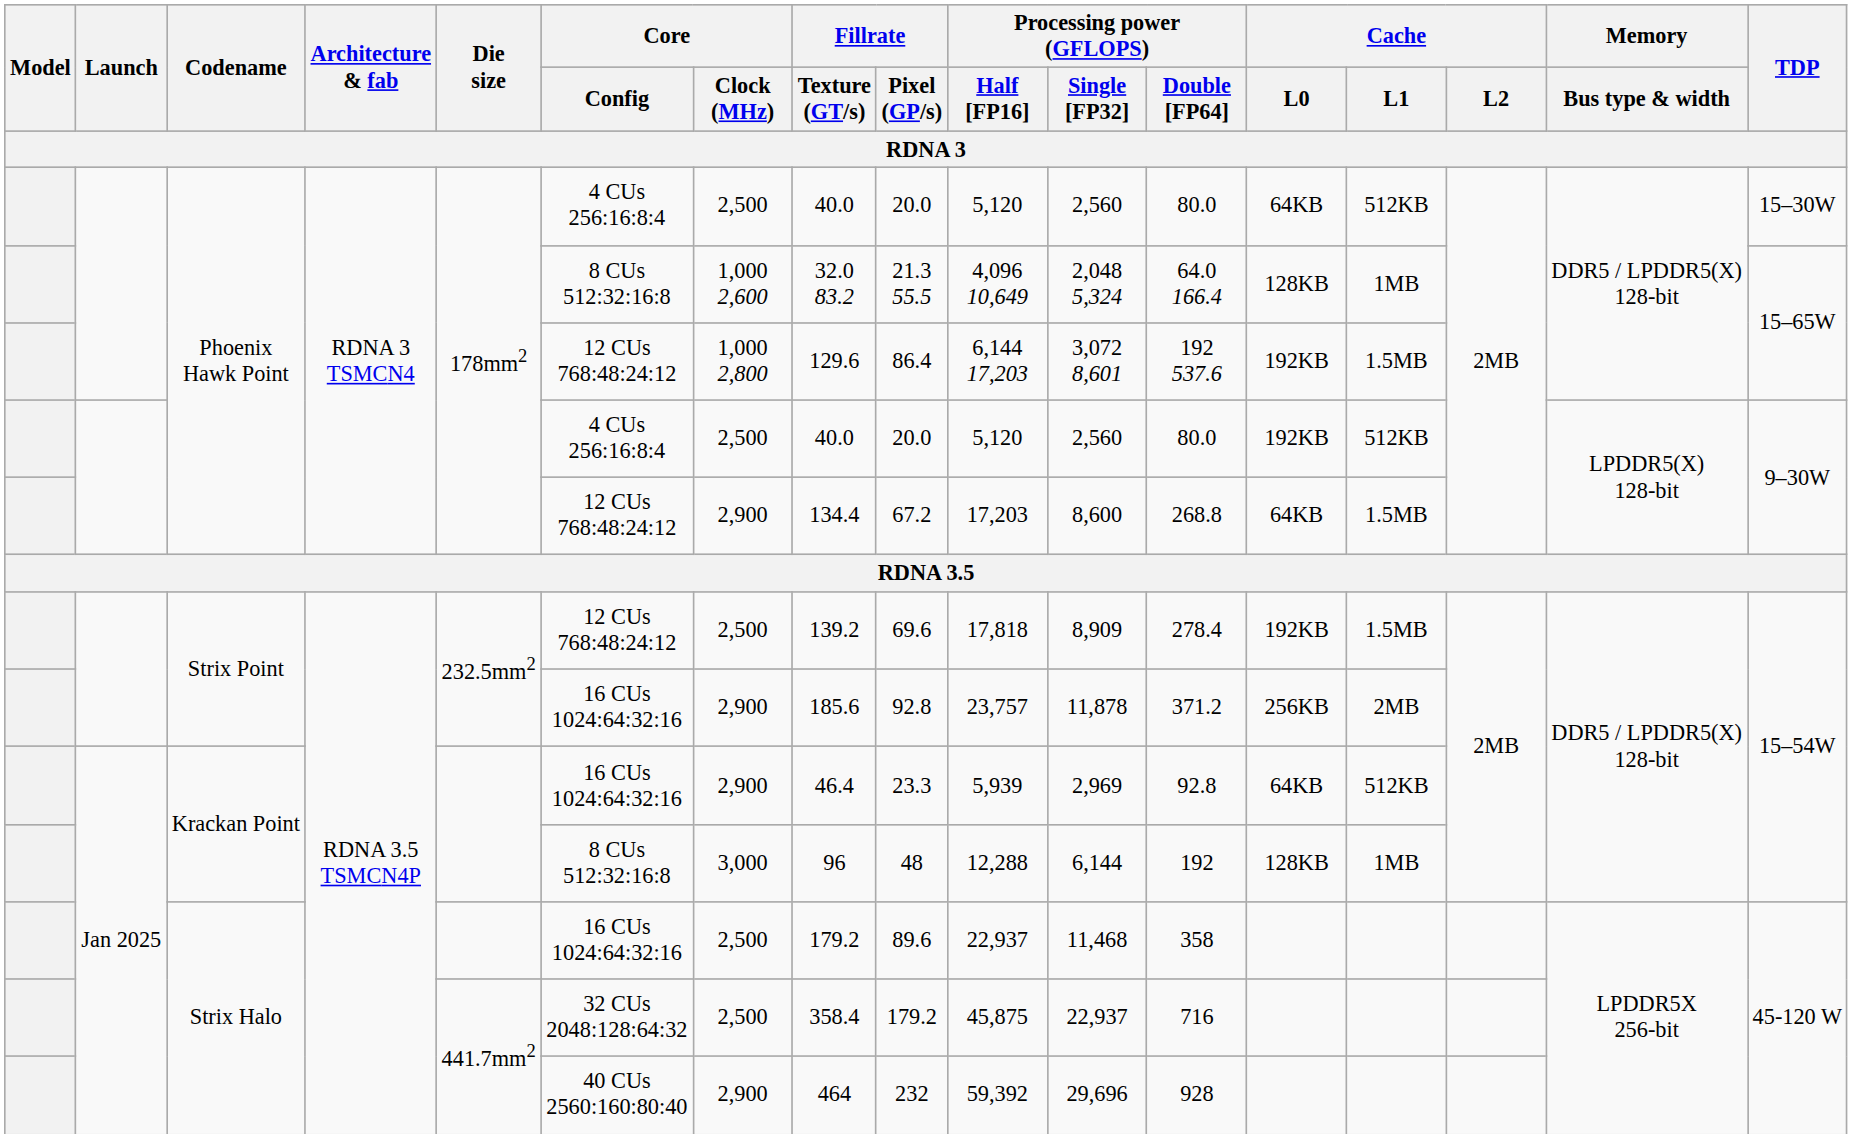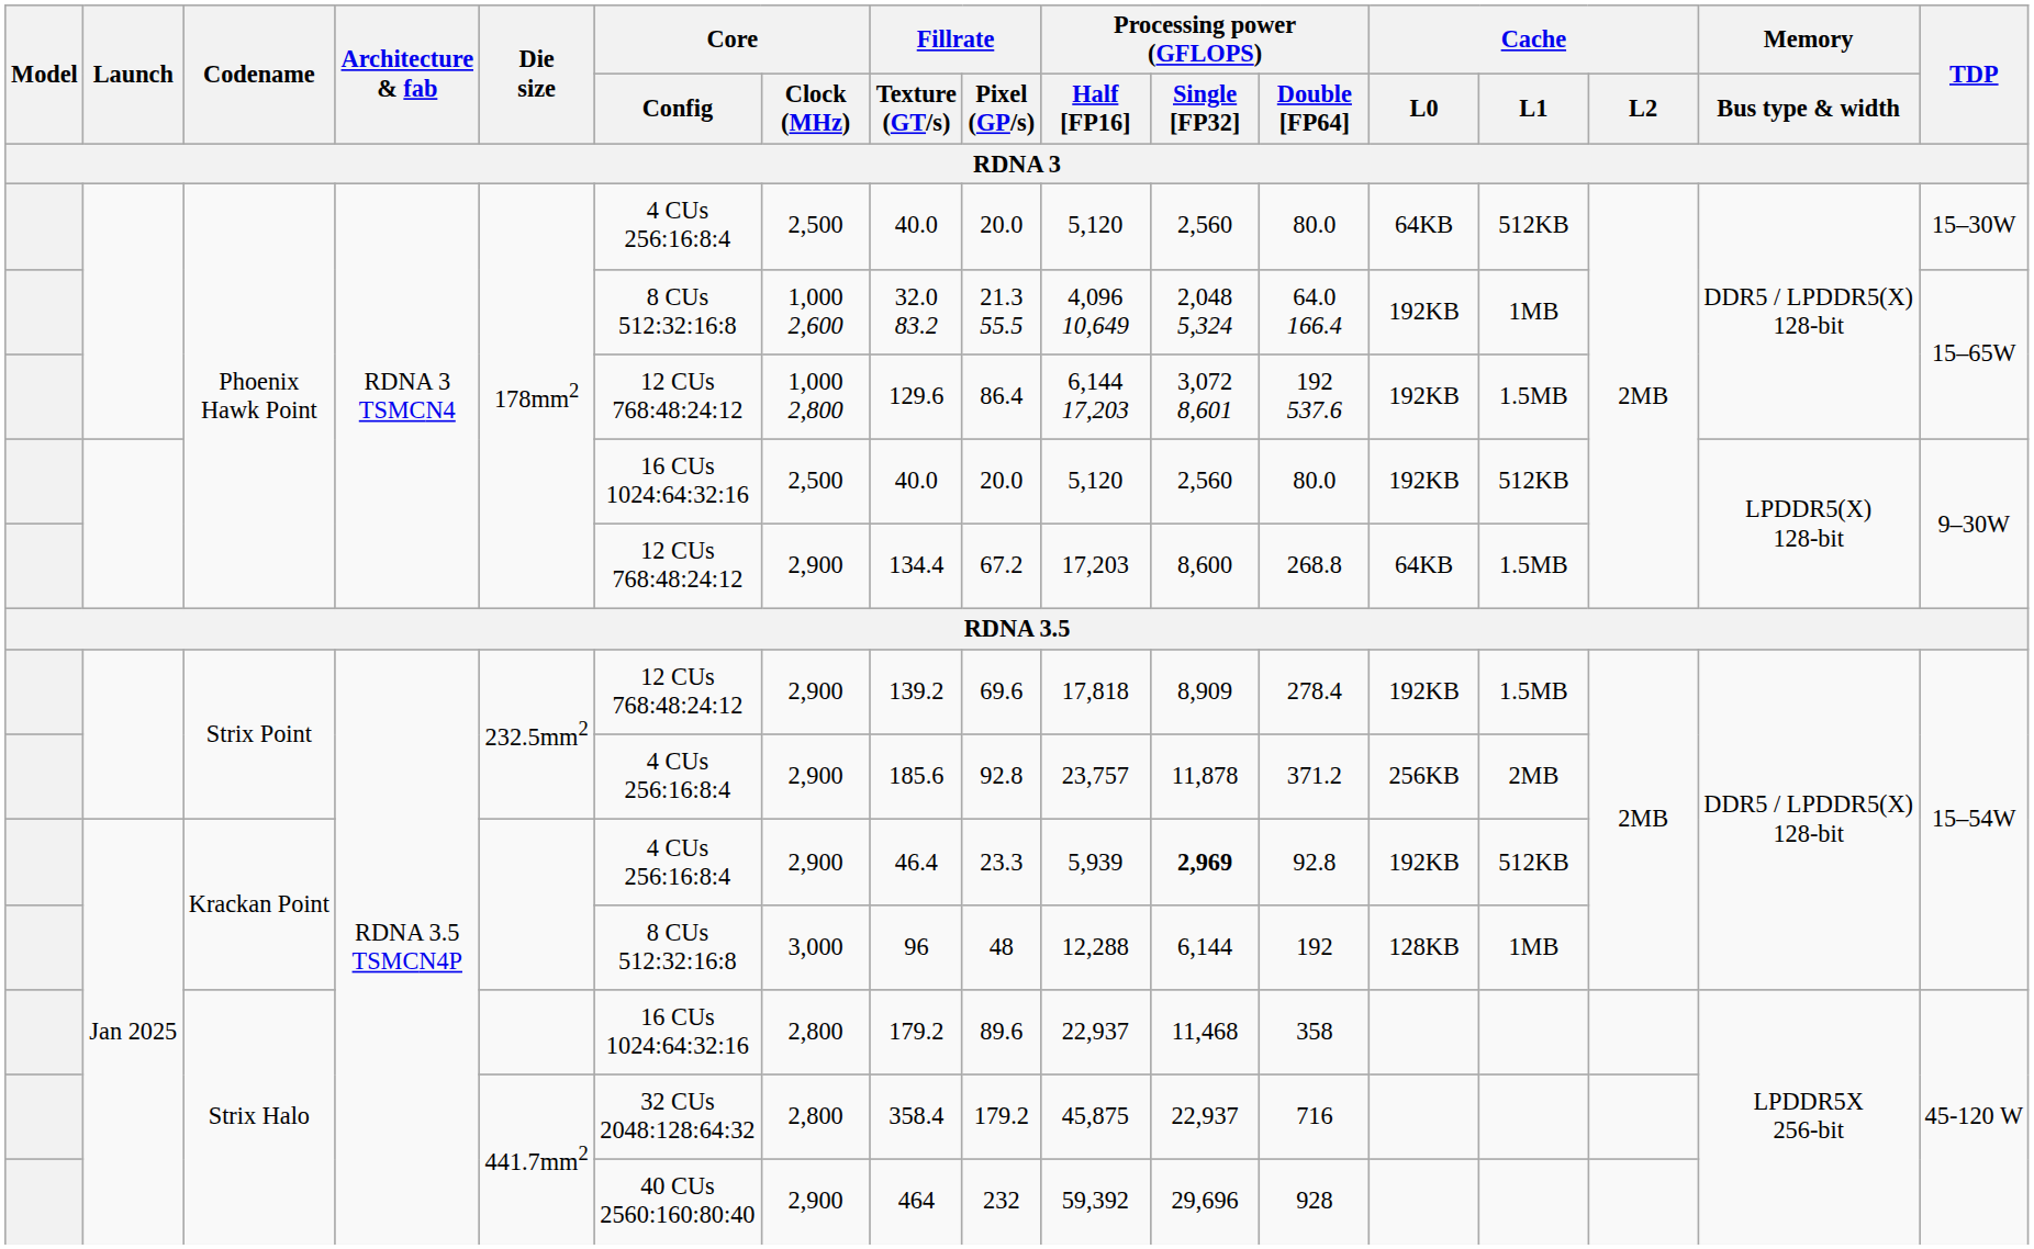 <table class="wikitable" style="text-align: center; font-size: 85%; white-space:nowrap;">
 <tr>
 <th rowspan="2">Model</th>
 <th rowspan="2">Launch</th>
 <th rowspan="2">Codename</th>
 <th rowspan="2"><a href='#'>Architecture</a> <br> & <a href='#'>fab</a></th>
 <th rowspan="2">Die <br> size</th>
 <th colspan="2">Core</th>
 <th colspan="2"><a href='#'>Fillrate</a></th>
 <th colspan="3">Processing power<br>(<a href='#'>GFLOPS</a>)</th>
 <th colspan="3"><a href='#'>Cache</a></th>
 <th>Memory</th>
 <th rowspan="2"><a href='#'>TDP</a></th>
 </tr>
 <tr>
 <th>Config</th>
 <th style="width:4em;">Clock <br> (<a href='#'>MHz</a>)</th>
 <th>Texture <br> (<a href='#'>GT</a>/s)</th>
 <th>Pixel <br> (<a href='#'>GP</a>/s)</th>
 <th style="width:4em;"><a href='#'>Half</a> <br> [FP16]</th>
 <th style="width:4em;"><a href='#'>Single</a> <br> [FP32]</th>
 <th style="width:4em;"><a href='#'>Double</a> <br> [FP64]</th>
 <th style="width:4em;">L0</th>
 <th style="width:4em;">L1</th>
 <th style="width:4em;">L2</th>
 <th>Bus type & width</th>
 </tr>
 <tr>
 <th colspan="17">RDNA 3</th>
 </tr>
 <tr>
 <th style="text-align:left; height:3em;"></th>
 <td rowspan="3"></td>
 <td rowspan="5">Phoenix<br>Hawk Point</td>
 <td rowspan="5">RDNA 3 <br> <a href='#'>TSMC</a><a href='#'>N4</a></td>
 <td rowspan="5">178mm<sup>2</sup></td>
 <td>4 CUs <br> 256:16:8:4</td>
 <td>2,500</td>
 <td>40.0</td>
 <td>20.0</td>
 <td>5,120</td>
 <td>2,560</td>
 <td>80.0</td>
 <td>64KB</td>
 <td>512KB</td>
 <td rowspan="5">2MB</td>
 <td rowspan="3">DDR5 / LPDDR5(X)<br>128-bit</td>
 <td>15–30W</td>
 </tr>
 <tr>
 <th style="text-align:left; height:3em;"></th>
 <td>8 CUs <br> 512:32:16:8</td>
 <td>1,000 <br> <em>2,600</em></td>
 <td>32.0 <br> <em>83.2</em></td>
 <td>21.3 <br> <em>55.5</em></td>
 <td>4,096 <br> <em>10,649</em></td>
 <td>2,048 <br> <em>5,324</em></td>
 <td>64.0 <br> <em>166.4</em></td>
-<td>128KB</td>
+<td>192KB</td>
 <td>1MB</td>
 <td rowspan="2">15–65W</td>
 </tr>
 <tr>
 <th style="text-align:left; height:3em;"></th>
 <td>12 CUs <br> 768:48:24:12</td>
 <td>1,000 <br> <em>2,800</em></td>
 <td>129.6</td>
 <td>86.4</td>
 <td>6,144 <br> <em>17,203</em></td>
 <td>3,072 <br> <em>8,601</em></td>
 <td>192  <br> <em>537.6</em></td>
 <td>192KB</td>
 <td>1.5MB</td>
 </tr>
 <tr>
 <th style="text-align:left; height:3em;"></th>
 <td rowspan="2"></td>
-<td>4 CUs <br> 256:16:8:4</td>
+<td>16 CUs <br> 1024:64:32:16</td>
 <td>2,500</td>
 <td>40.0</td>
 <td>20.0</td>
 <td>5,120</td>
 <td>2,560</td>
 <td>80.0</td>
 <td>192KB</td>
 <td>512KB</td>
 <td rowspan="2">LPDDR5(X)<br>128-bit</td>
 <td rowspan="2">9–30W</td>
 </tr>
 <tr>
 <th style="text-align:left; height:3em;"></th>
 <td>12 CUs <br> 768:48:24:12</td>
 <td>2,900</td>
 <td>134.4</td>
 <td>67.2</td>
 <td>17,203</td>
 <td>8,600</td>
 <td>268.8</td>
 <td>64KB</td>
 <td>1.5MB</td>
 </tr>
 <tr>
 <th colspan="17">RDNA 3.5</th>
 </tr>
 <tr>
 <th style="text-align:left; height:3em;"></th>
 <td rowspan="2"></td>
 <td rowspan="2">Strix Point</td>
 <td rowspan="7">RDNA 3.5 <br> <a href='#'>TSMC</a><a href='#'>N4P</a></td>
 <td rowspan="2">232.5mm<sup>2</sup></td>
 <td>12 CUs <br> 768:48:24:12</td>
-<td>2,500</td>
+<td>2,900</td>
 <td>139.2</td>
 <td>69.6</td>
 <td>17,818</td>
 <td>8,909</td>
 <td>278.4</td>
 <td>192KB</td>
 <td>1.5MB</td>
 <td rowspan="4">2MB</td>
 <td rowspan="4">DDR5 / LPDDR5(X)<br>128-bit</td>
 <td rowspan="4">15–54W</td>
 </tr>
 <tr>
 <th style="text-align:left; height:3em;"></th>
-<td>16 CUs <br> 1024:64:32:16</td>
+<td>4 CUs <br> 256:16:8:4</td>
 <td>2,900</td>
 <td>185.6</td>
 <td>92.8</td>
 <td>23,757</td>
 <td>11,878</td>
 <td>371.2</td>
 <td>256KB</td>
 <td>2MB</td>
 </tr>
 <tr>
 <th style="text-align:left; height:3em;"></th>
 <td rowspan="5">Jan 2025</td>
 <td rowspan="2">Krackan Point</td>
 <td rowspan="2"></td>
-<td>16 CUs<br>1024:64:32:16</td>
+<td>4 CUs<br>256:16:8:4</td>
 <td>2,900</td>
 <td>46.4</td>
 <td>23.3</td>
 <td>5,939</td>
-<td>2,969</td>
+<td><strong>2,969</strong></td>
 <td>92.8</td>
-<td>64KB</td>
+<td>192KB</td>
 <td>512KB</td>
 </tr>
 <tr>
 <th style="text-align:left; height:3em;"></th>
 <td>8 CUs<br>512:32:16:8</td>
 <td>3,000</td>
 <td>96</td>
 <td>48</td>
 <td>12,288</td>
 <td>6,144</td>
 <td>192</td>
 <td>128KB</td>
 <td>1MB</td>
 </tr>
 <tr>
 <th style="text-align:left; height:3em;"></th>
 <td rowspan="3">Strix Halo</td>
 <td></td>
 <td>16 CUs<br>1024:64:32:16</td>
-<td>2,500</td>
+<td>2,800</td>
 <td>179.2</td>
 <td>89.6</td>
 <td>22,937</td>
 <td>11,468</td>
 <td>358</td>
 <td></td>
 <td></td>
 <td></td>
 <td rowspan="3">LPDDR5X<br>256-bit</td>
 <td rowspan="3">45-120 W</td>
 </tr>
 <tr>
 <th style="text-align:left; height:3em;"></th>
 <td rowspan="2">441.7mm<sup>2</sup></td>
 <td>32 CUs<br>2048:128:64:32</td>
-<td>2,500</td>
+<td>2,800</td>
 <td>358.4</td>
 <td>179.2</td>
 <td>45,875</td>
 <td>22,937</td>
 <td>716</td>
 <td></td>
 <td></td>
 <td></td>
 </tr>
 <tr>
 <th style="text-align:left; height:3em;"></th>
 <td>40 CUs<br>2560:160:80:40</td>
 <td>2,900</td>
 <td>464</td>
 <td>232</td>
 <td>59,392</td>
 <td>29,696</td>
 <td>928</td>
 <td></td>
 <td></td>
 <td></td>
 </tr>
 </table>
